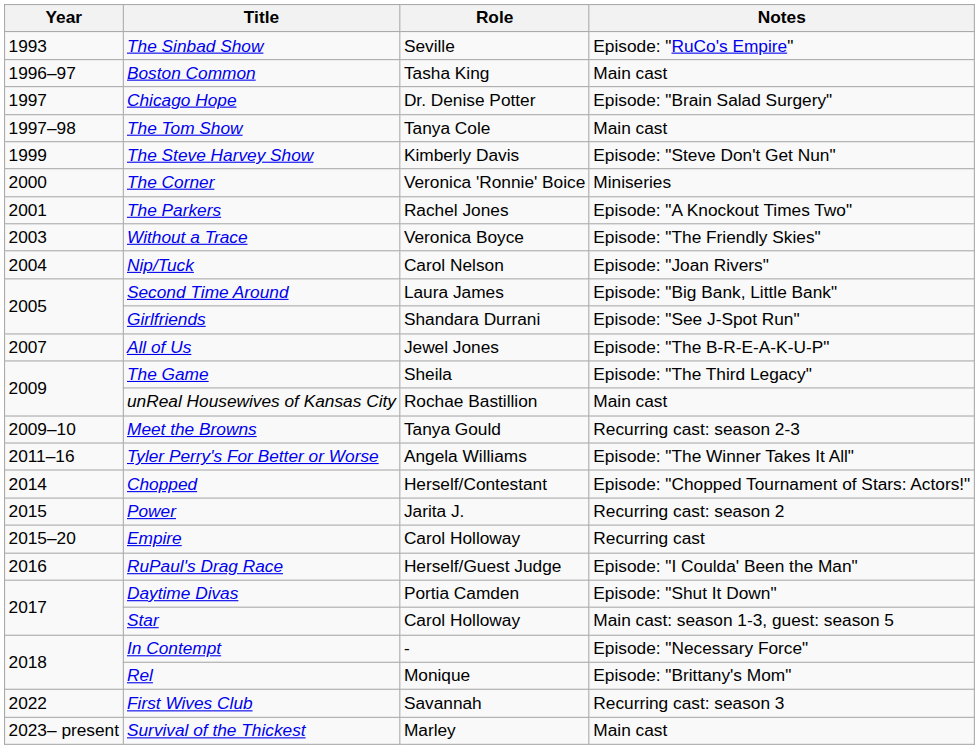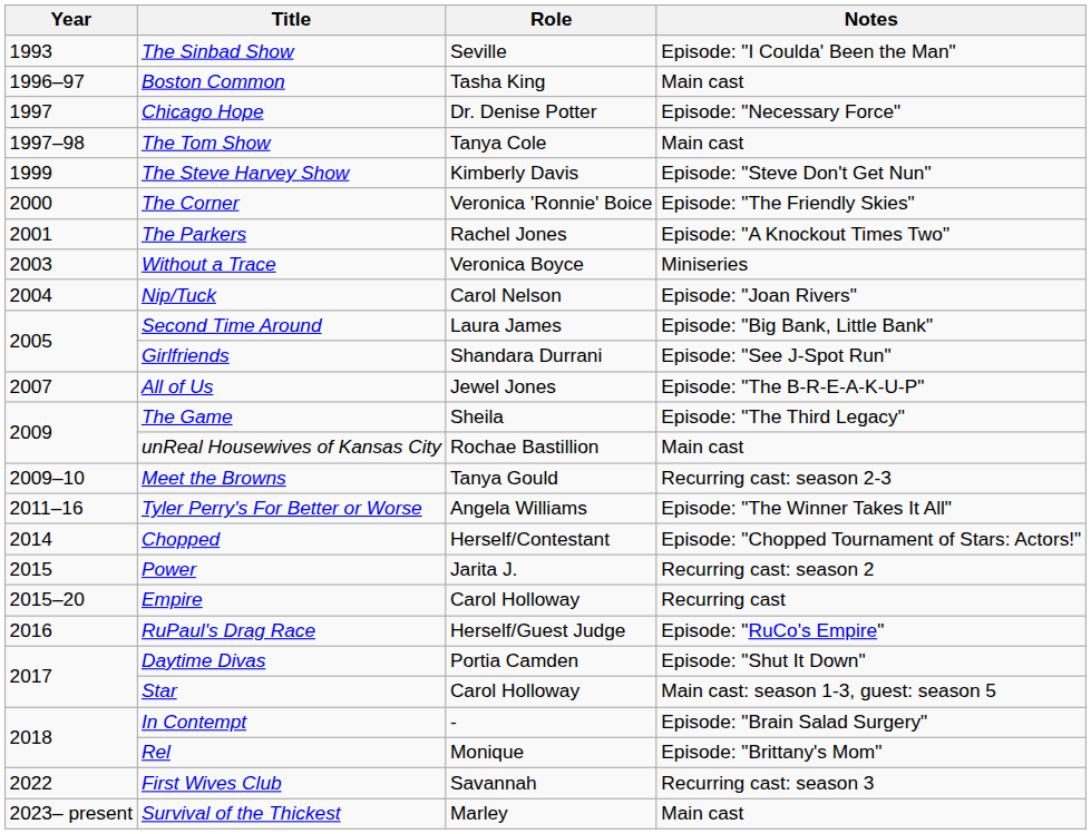 <table class="wikitable sortable">
 <tr>
 <th>Year</th>
 <th>Title</th>
 <th>Role</th>
 <th>Notes</th>
 </tr>
 <tr>
 <td>1993</td>
 <td><em><a href='#'>The Sinbad Show</a></em></td>
 <td>Seville</td>
-<td>Episode: "<a href='#'>RuCo's Empire</a>"</td>
+<td>Episode: "I Coulda' Been the Man"</td>
 </tr>
 <tr>
 <td>1996–97</td>
 <td><em><a href='#'>Boston Common</a></em></td>
 <td>Tasha King</td>
 <td>Main cast</td>
 </tr>
 <tr>
 <td>1997</td>
 <td><em><a href='#'>Chicago Hope</a></em></td>
 <td>Dr. Denise Potter</td>
-<td>Episode: "Brain Salad Surgery"</td>
+<td>Episode: "Necessary Force"</td>
 </tr>
 <tr>
 <td>1997–98</td>
 <td><em><a href='#'>The Tom Show</a></em></td>
 <td>Tanya Cole</td>
 <td>Main cast</td>
 </tr>
 <tr>
 <td>1999</td>
 <td><em><a href='#'>The Steve Harvey Show</a></em></td>
 <td>Kimberly Davis</td>
 <td>Episode: "Steve Don't Get Nun"</td>
 </tr>
 <tr>
 <td>2000</td>
 <td><em><a href='#'>The Corner</a></em></td>
 <td>Veronica 'Ronnie' Boice</td>
-<td>Miniseries</td>
+<td>Episode: "The Friendly Skies"</td>
 </tr>
 <tr>
 <td>2001</td>
 <td><em><a href='#'>The Parkers</a></em></td>
 <td>Rachel Jones</td>
 <td>Episode: "A Knockout Times Two"</td>
 </tr>
 <tr>
 <td>2003</td>
 <td><em><a href='#'>Without a Trace</a></em></td>
 <td>Veronica Boyce</td>
-<td>Episode: "The Friendly Skies"</td>
+<td>Miniseries</td>
 </tr>
 <tr>
 <td>2004</td>
 <td><em><a href='#'>Nip/Tuck</a></em></td>
 <td>Carol Nelson</td>
 <td>Episode: "Joan Rivers"</td>
 </tr>
 <tr>
 <td rowspan="2">2005</td>
 <td><em><a href='#'>Second Time Around</a></em></td>
 <td>Laura James</td>
 <td>Episode: "Big Bank, Little Bank"</td>
 </tr>
 <tr>
 <td><em><a href='#'>Girlfriends</a></em></td>
 <td>Shandara Durrani</td>
 <td>Episode: "See J-Spot Run"</td>
 </tr>
 <tr>
 <td>2007</td>
 <td><em><a href='#'>All of Us</a></em></td>
 <td>Jewel Jones</td>
 <td>Episode: "The B-R-E-A-K-U-P"</td>
 </tr>
 <tr>
 <td rowspan="2">2009</td>
 <td><em><a href='#'>The Game</a></em></td>
 <td>Sheila</td>
 <td>Episode: "The Third Legacy"</td>
 </tr>
 <tr>
 <td><em>unReal Housewives of Kansas City</em></td>
 <td>Rochae Bastillion</td>
 <td>Main cast</td>
 </tr>
 <tr>
 <td>2009–10</td>
 <td><em><a href='#'>Meet the Browns</a></em></td>
 <td>Tanya Gould</td>
 <td>Recurring cast: season 2-3</td>
 </tr>
 <tr>
 <td>2011–16</td>
 <td><em><a href='#'>Tyler Perry's For Better or Worse</a></em></td>
 <td>Angela Williams</td>
 <td>Episode: "The Winner Takes It All"</td>
 </tr>
 <tr>
 <td>2014</td>
 <td><em><a href='#'>Chopped</a></em></td>
 <td>Herself/Contestant</td>
 <td>Episode: "Chopped Tournament of Stars: Actors!"</td>
 </tr>
 <tr>
 <td>2015</td>
 <td><em><a href='#'>Power</a></em></td>
 <td>Jarita J.</td>
 <td>Recurring cast: season 2</td>
 </tr>
 <tr>
 <td>2015–20</td>
 <td><em><a href='#'>Empire</a></em></td>
 <td>Carol Holloway</td>
 <td>Recurring cast</td>
 </tr>
 <tr>
 <td>2016</td>
 <td><em><a href='#'>RuPaul's Drag Race</a></em></td>
 <td>Herself/Guest Judge</td>
-<td>Episode: "I Coulda' Been the Man"</td>
+<td>Episode: "<a href='#'>RuCo's Empire</a>"</td>
 </tr>
 <tr>
 <td rowspan="2">2017</td>
 <td><em><a href='#'>Daytime Divas</a></em></td>
 <td>Portia Camden</td>
 <td>Episode: "Shut It Down"</td>
 </tr>
 <tr>
 <td><em><a href='#'>Star</a></em></td>
 <td>Carol Holloway</td>
 <td>Main cast: season 1-3, guest: season 5</td>
 </tr>
 <tr>
 <td rowspan="2">2018</td>
 <td><em><a href='#'>In Contempt</a></em></td>
 <td>-</td>
-<td>Episode: "Necessary Force"</td>
+<td>Episode: "Brain Salad Surgery"</td>
 </tr>
 <tr>
 <td><em><a href='#'>Rel</a></em></td>
 <td>Monique</td>
 <td>Episode: "Brittany's Mom"</td>
 </tr>
 <tr>
 <td>2022</td>
 <td><em><a href='#'>First Wives Club</a></em></td>
 <td>Savannah</td>
 <td>Recurring cast: season 3</td>
 </tr>
 <tr>
 <td>2023– present</td>
 <td><em><a href='#'>Survival of the Thickest</a></em></td>
 <td>Marley</td>
 <td>Main cast</td>
 </tr>
 </table>
